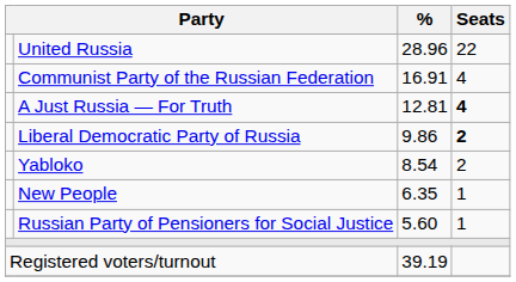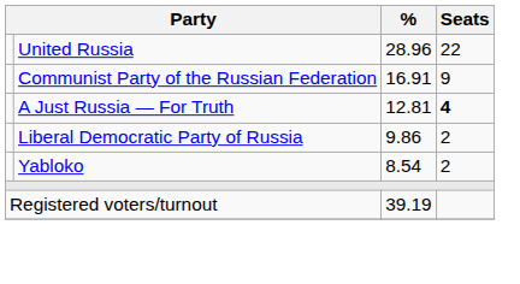 <table class="wikitable">
 <tr>
 <th colspan=2>Party</th>
 <th>%</th>
 <th>Seats</th>
 </tr>
 <tr>
 <td style="background:"></td>
 <td><a href='#'>United Russia</a></td>
 <td>28.96</td>
 <td>22</td>
 </tr>
 <tr>
 <td style="background:"></td>
 <td><a href='#'>Communist Party of the Russian Federation</a></td>
 <td>16.91</td>
-<td>4</td>
+<td>9</td>
 </tr>
 <tr>
 <td style="background:"></td>
 <td><a href='#'>A Just Russia — For Truth</a></td>
 <td>12.81</td>
 <td><strong>4</strong></td>
 </tr>
 <tr>
 <td style="background:"></td>
 <td><a href='#'>Liberal Democratic Party of Russia</a></td>
 <td>9.86</td>
-<td><strong>2</strong></td>
+<td>2</td>
 </tr>
 <tr>
 <td style="background:"></td>
 <td><a href='#'>Yabloko</a></td>
 <td>8.54</td>
 <td>2</td>
-</tr>
-<tr>
-<td style="background:"></td>
-<td><a href='#'>New People</a></td>
-<td>6.35</td>
-<td>1</td>
-</tr>
-<tr>
-<td style="background:"></td>
-<td><a href='#'>Russian Party of Pensioners for Social Justice</a></td>
-<td>5.60</td>
-<td>1</td>
 </tr>
 <tr>
 <td colspan=4 style="background:#E9E9E9;"></td>
 </tr>
 <tr>
 <td align=left colspan=2>Registered voters/turnout</td>
 <td>39.19</td>
 <td></td>
 </tr>
 <tr>
 </tr>
 </table>
